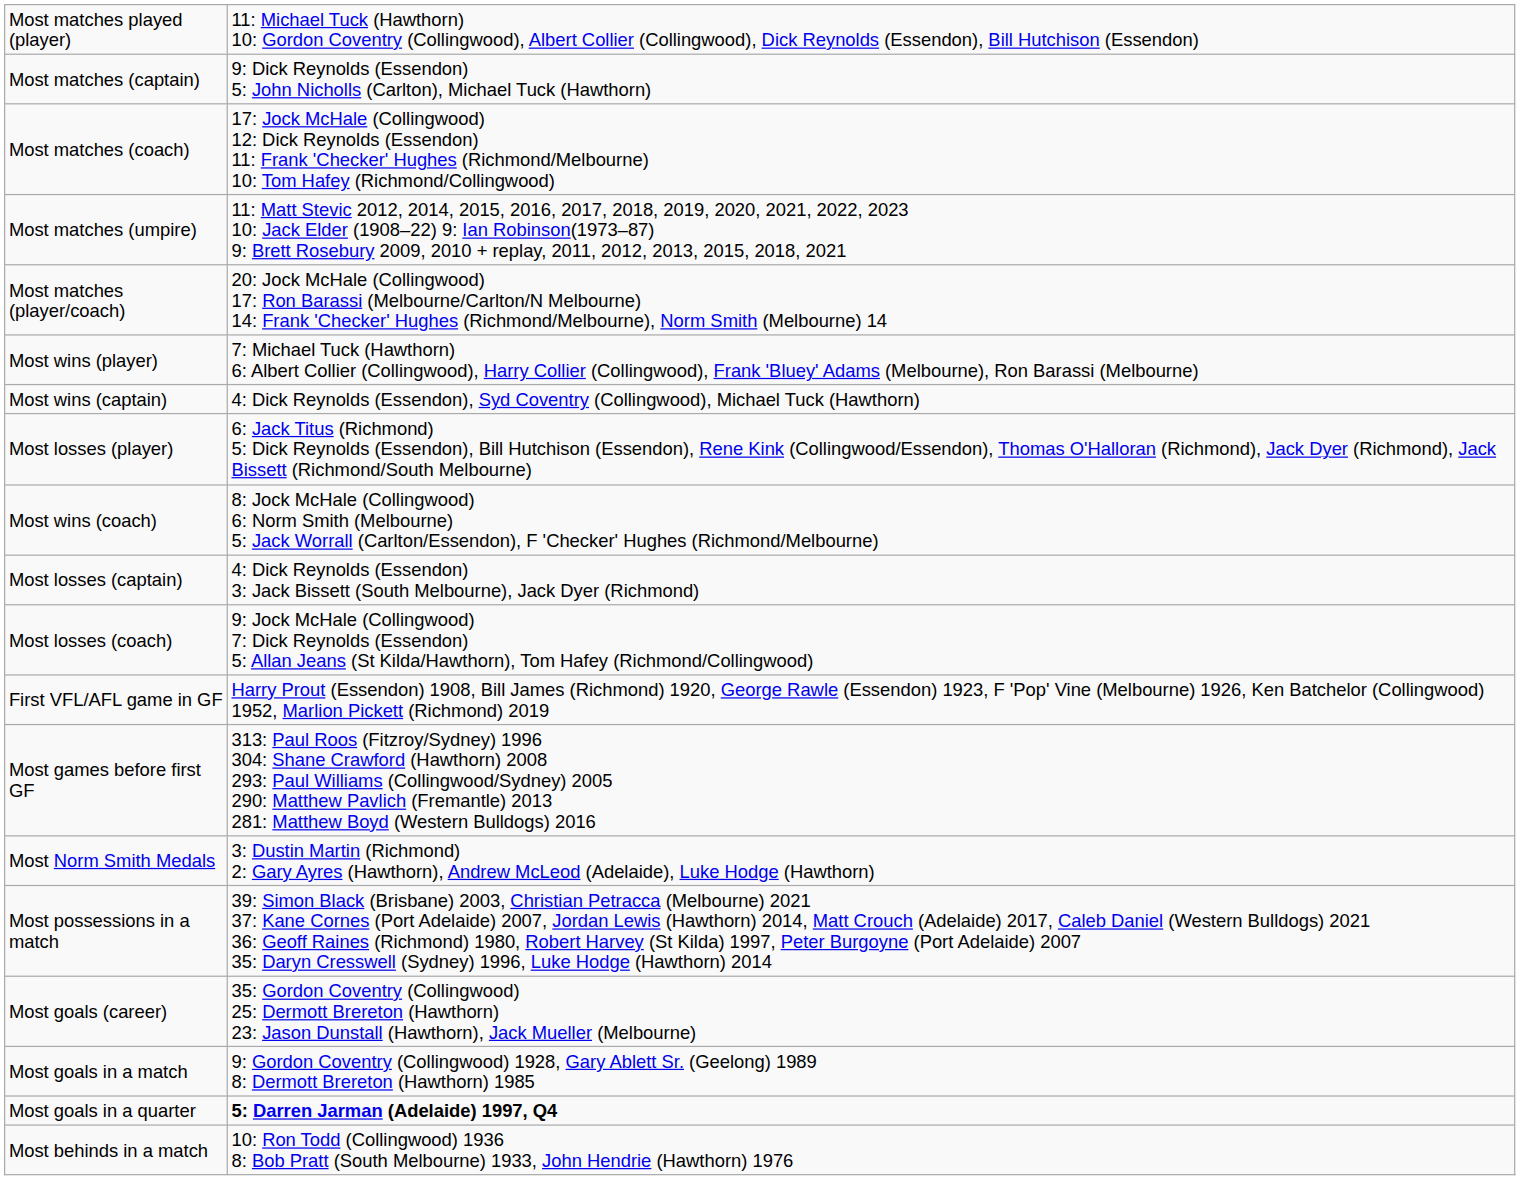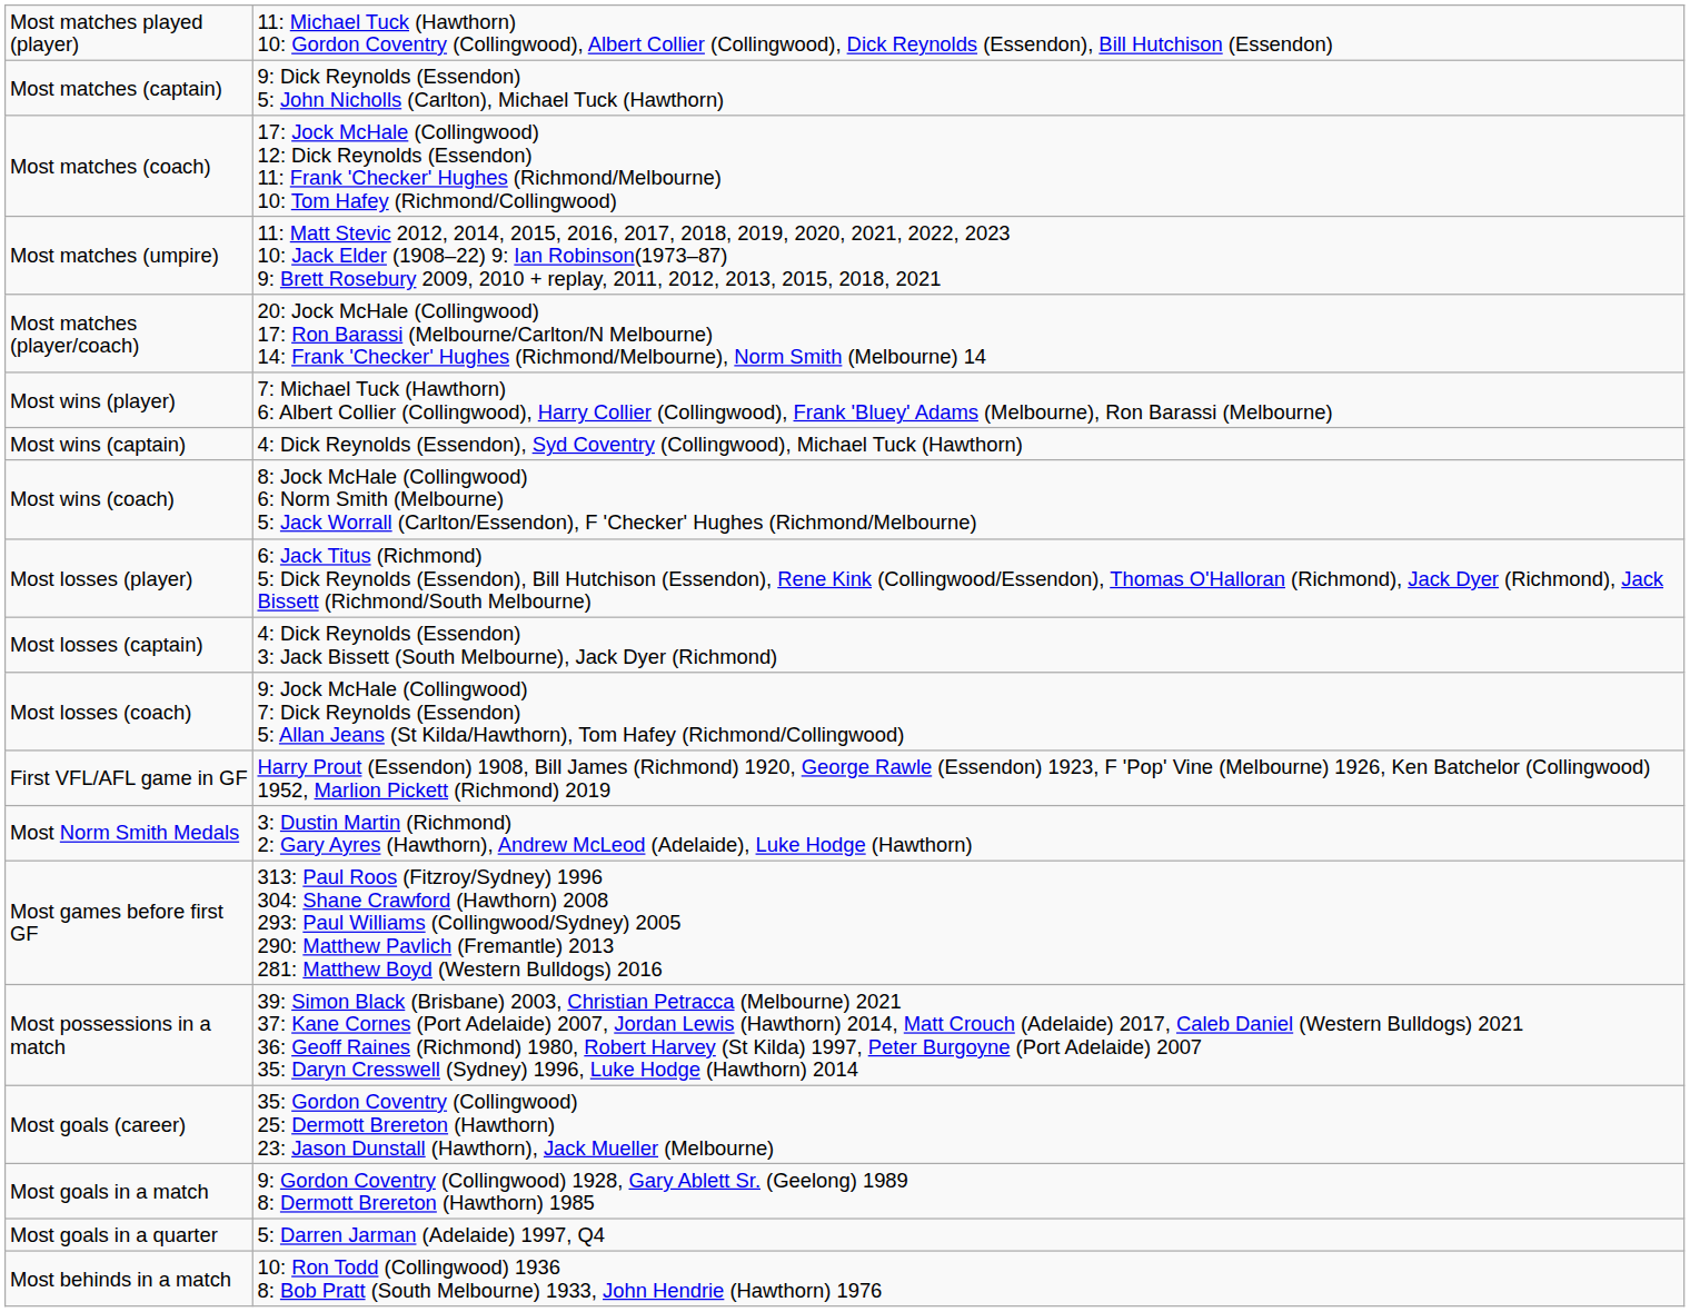 <table class="wikitable" style="font-size: 95%;">
 <tr>
 <td>Most matches played (player)</td>
 <td>11: <a href='#'>Michael Tuck</a> (Hawthorn)<br>10: <a href='#'>Gordon Coventry</a> (Collingwood), <a href='#'>Albert Collier</a> (Collingwood), <a href='#'>Dick Reynolds</a> (Essendon), <a href='#'>Bill Hutchison</a> (Essendon)</td>
 </tr>
 <tr>
 <td>Most matches (captain)</td>
 <td>9: Dick Reynolds (Essendon)<br>5: <a href='#'>John Nicholls</a> (Carlton), Michael Tuck (Hawthorn)</td>
 </tr>
 <tr>
 <td>Most matches (coach)</td>
 <td>17: <a href='#'>Jock McHale</a> (Collingwood)<br>12: Dick Reynolds (Essendon)<br>11: <a href='#'>Frank 'Checker' Hughes</a> (Richmond/Melbourne)<br>10: <a href='#'>Tom Hafey</a> (Richmond/Collingwood)</td>
 </tr>
 <tr>
 <td>Most matches (umpire)</td>
 <td>11: <a href='#'>Matt Stevic</a> 2012, 2014, 2015, 2016, 2017, 2018, 2019, 2020, 2021, 2022, 2023<br>10: <a href='#'>Jack Elder</a> (1908–22) 9: <a href='#'>Ian Robinson</a>(1973–87)<br>9: <a href='#'>Brett Rosebury</a> 2009, 2010 + replay, 2011, 2012, 2013, 2015, 2018, 2021</td>
 </tr>
 <tr>
 <td>Most matches (player/coach)</td>
 <td>20: Jock McHale (Collingwood)<br>17: <a href='#'>Ron Barassi</a> (Melbourne/Carlton/N Melbourne)<br>14: <a href='#'>Frank 'Checker' Hughes</a> (Richmond/Melbourne), <a href='#'>Norm Smith</a> (Melbourne) 14</td>
 </tr>
 <tr>
 <td>Most wins (player)</td>
 <td>7: Michael Tuck (Hawthorn)<br>6: Albert Collier (Collingwood), <a href='#'>Harry Collier</a> (Collingwood), <a href='#'>Frank 'Bluey' Adams</a> (Melbourne), Ron Barassi (Melbourne)</td>
 </tr>
 <tr>
 <td>Most wins (captain)</td>
 <td>4: Dick Reynolds (Essendon), <a href='#'>Syd Coventry</a> (Collingwood), Michael Tuck (Hawthorn)</td>
 </tr>
 <tr>
+<td>Most wins (coach)</td>
+<td>8: Jock McHale (Collingwood)<br>6: Norm Smith (Melbourne)<br>5: <a href='#'>Jack Worrall</a> (Carlton/Essendon), F 'Checker' Hughes (Richmond/Melbourne)</td>
+</tr>
+<tr>
 <td>Most losses (player)</td>
 <td>6: <a href='#'>Jack Titus</a> (Richmond)<br>5: Dick Reynolds (Essendon), Bill Hutchison (Essendon), <a href='#'>Rene Kink</a> (Collingwood/Essendon), <a href='#'>Thomas O'Halloran</a> (Richmond), <a href='#'>Jack Dyer</a> (Richmond), <a href='#'>Jack Bissett</a> (Richmond/South Melbourne)</td>
-</tr>
-<tr>
-<td>Most wins (coach)</td>
-<td>8: Jock McHale (Collingwood)<br>6: Norm Smith (Melbourne)<br>5: <a href='#'>Jack Worrall</a> (Carlton/Essendon), F 'Checker' Hughes (Richmond/Melbourne)</td>
 </tr>
 <tr>
 <td>Most losses (captain)</td>
 <td>4: Dick Reynolds (Essendon)<br>3: Jack Bissett (South Melbourne), Jack Dyer (Richmond)</td>
 </tr>
 <tr>
 <td>Most losses (coach)</td>
 <td>9: Jock McHale (Collingwood)<br>7: Dick Reynolds (Essendon)<br>5: <a href='#'>Allan Jeans</a> (St Kilda/Hawthorn), Tom Hafey (Richmond/Collingwood)</td>
 </tr>
 <tr>
 <td>First VFL/AFL game in GF</td>
 <td><a href='#'>Harry Prout</a> (Essendon) 1908, Bill James (Richmond) 1920, <a href='#'>George Rawle</a> (Essendon) 1923, F 'Pop' Vine (Melbourne) 1926, Ken Batchelor (Collingwood) 1952, <a href='#'>Marlion Pickett</a> (Richmond) 2019</td>
 </tr>
 <tr>
+<td>Most <a href='#'>Norm Smith Medals</a></td>
+<td>3: <a href='#'>Dustin Martin</a> (Richmond)<br>2: <a href='#'>Gary Ayres</a> (Hawthorn), <a href='#'>Andrew McLeod</a> (Adelaide), <a href='#'>Luke Hodge</a> (Hawthorn)</td>
+</tr>
+<tr>
 <td>Most games before first GF</td>
 <td>313: <a href='#'>Paul Roos</a> (Fitzroy/Sydney) 1996<br>304: <a href='#'>Shane Crawford</a> (Hawthorn) 2008<br>293: <a href='#'>Paul Williams</a> (Collingwood/Sydney) 2005<br>290: <a href='#'>Matthew Pavlich</a> (Fremantle) 2013<br>281: <a href='#'>Matthew Boyd</a> (Western Bulldogs) 2016</td>
-</tr>
-<tr>
-<td>Most <a href='#'>Norm Smith Medals</a></td>
-<td>3: <a href='#'>Dustin Martin</a> (Richmond)<br>2: <a href='#'>Gary Ayres</a> (Hawthorn), <a href='#'>Andrew McLeod</a> (Adelaide), <a href='#'>Luke Hodge</a> (Hawthorn)</td>
 </tr>
 <tr>
 <td>Most possessions in a match</td>
 <td>39: <a href='#'>Simon Black</a> (Brisbane) 2003, <a href='#'>Christian Petracca</a> (Melbourne) 2021<br>37: <a href='#'>Kane Cornes</a> (Port Adelaide) 2007, <a href='#'>Jordan Lewis</a> (Hawthorn) 2014, <a href='#'>Matt Crouch</a> (Adelaide) 2017, <a href='#'>Caleb Daniel</a> (Western Bulldogs) 2021<br>36: <a href='#'>Geoff Raines</a> (Richmond) 1980, <a href='#'>Robert Harvey</a> (St Kilda) 1997, <a href='#'>Peter Burgoyne</a> (Port Adelaide) 2007<br>35: <a href='#'>Daryn Cresswell</a> (Sydney) 1996, <a href='#'>Luke Hodge</a> (Hawthorn) 2014</td>
 </tr>
 <tr>
 <td>Most goals (career)</td>
 <td>35: <a href='#'>Gordon Coventry</a> (Collingwood)<br>25: <a href='#'>Dermott Brereton</a> (Hawthorn)<br>23: <a href='#'>Jason Dunstall</a> (Hawthorn), <a href='#'>Jack Mueller</a> (Melbourne)</td>
 </tr>
 <tr>
 <td>Most goals in a match</td>
 <td>9: <a href='#'>Gordon Coventry</a> (Collingwood) 1928, <a href='#'>Gary Ablett Sr.</a> (Geelong) 1989<br>8: <a href='#'>Dermott Brereton</a> (Hawthorn) 1985</td>
 </tr>
 <tr>
 <td>Most goals in a quarter</td>
-<td><strong>5: <a href='#'>Darren Jarman</a> (Adelaide) 1997, Q4</strong></td>
+<td>5: <a href='#'>Darren Jarman</a> (Adelaide) 1997, Q4</td>
 </tr>
 <tr>
 <td>Most behinds in a match</td>
 <td>10: <a href='#'>Ron Todd</a> (Collingwood) 1936<br>8: <a href='#'>Bob Pratt</a> (South Melbourne) 1933, <a href='#'>John Hendrie</a> (Hawthorn) 1976</td>
 </tr>
 </table>
